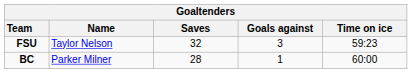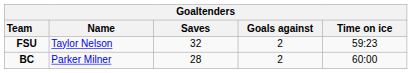 <table class="wikitable" style="width:40em; text-align:right;">
 <tr>
 <th colspan=5>Goaltenders</th>
 </tr>
 <tr>
 <th style="width:4em; text-align:left;">Team</th>
 <th style="width:10em;">Name</th>
 <th style="width:8em;">Saves</th>
 <th style="width:8em;">Goals against</th>
 <th style="width:8em;">Time on ice</th>
 </tr>
 <tr>
 <td align=center><strong>FSU</strong></td>
 <td style="text-align:left;"><a href='#'>Taylor Nelson</a></td>
 <td align=center>32</td>
-<td align=center>3</td>
+<td align=center>2</td>
 <td align=center>59:23</td>
 </tr>
 <tr>
 <td align=center><strong>BC</strong></td>
 <td style="text-align:left;"><a href='#'>Parker Milner</a></td>
 <td align=center>28</td>
-<td align=center>1</td>
+<td align=center>2</td>
 <td align=center>60:00</td>
 </tr>
 </table>
